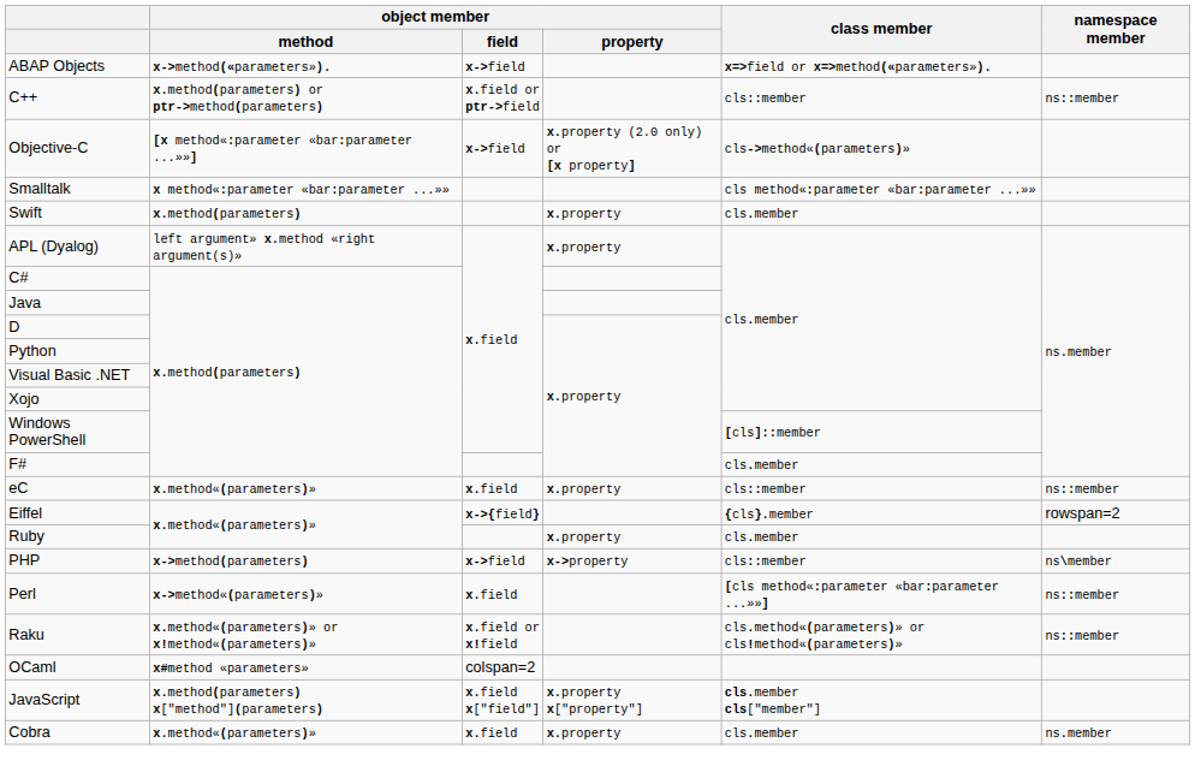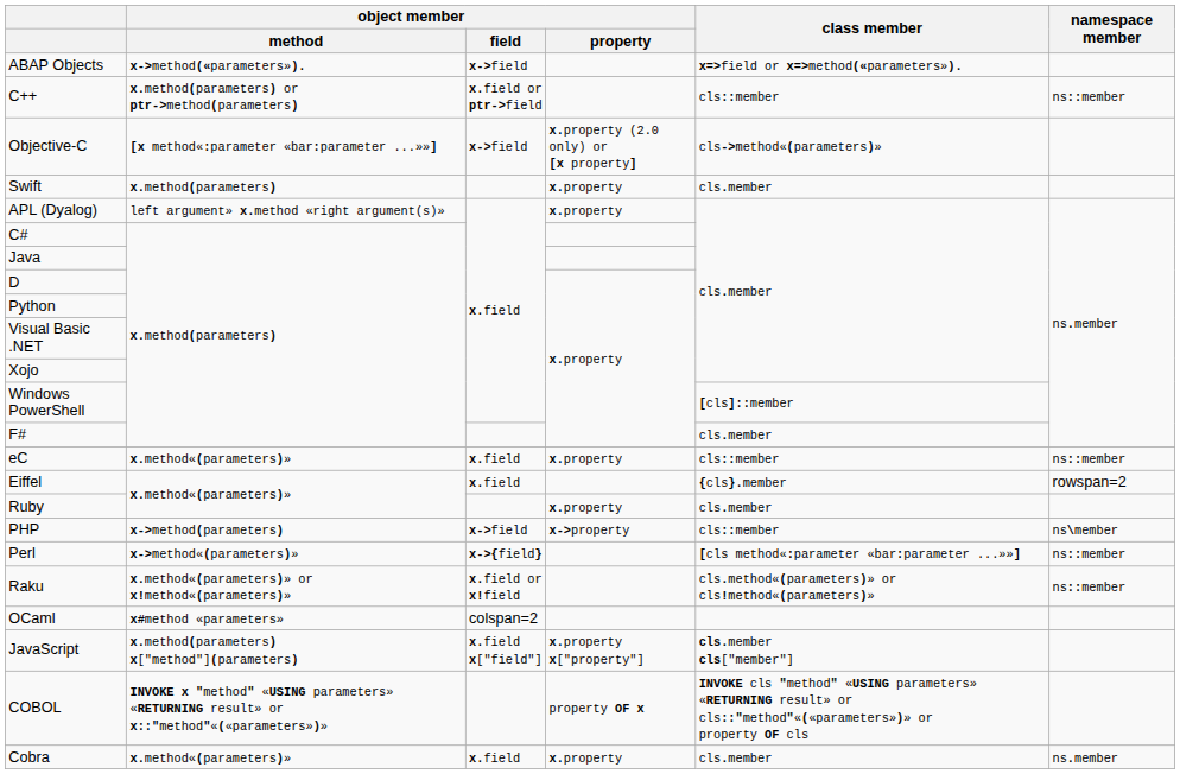 <table class="wikitable">
 <tr>
 <th></th>
 <th colspan=3>object member</th>
 <th rowspan=2>class member</th>
 <th rowspan=2>namespace member</th>
 </tr>
 <tr>
 <th></th>
 <th>method</th>
 <th>field</th>
 <th>property</th>
 </tr>
 <tr>
 <td>ABAP Objects</td>
 <td><code><strong>x-></strong>method<strong>(«</strong>parameters»<strong>).</strong></code></td>
 <td><code><strong>x-></strong>field</code></td>
 <td></td>
 <td><code><strong>x=></strong>field or <strong>x=></strong>method<strong>(«</strong>parameters»<strong>).</strong></code></td>
 <td></td>
 </tr>
 <tr>
 <td>C++</td>
 <td><code><strong>x.</strong>method<strong>(</strong>parameters<strong>)</strong> or<br><strong>ptr-></strong>method<strong>(</strong>parameters<strong>)</strong></code></td>
 <td><code><strong>x.</strong>field or<br><strong>ptr-></strong>field</code></td>
 <td></td>
 <td><code>cls<strong>::</strong>member</code></td>
 <td><code>ns<strong>::</strong>member</code></td>
 </tr>
 <tr>
 <td>Objective-C</td>
 <td><code><strong>[x </strong>method«<strong>:</strong>parameter «bar<strong>:</strong>parameter ...»»<strong>]</strong></code></td>
 <td><code><strong>x-></strong>field</code></td>
 <td><code><strong>x.</strong>property (2.0 only) or<br><strong>[x </strong>property<strong>]</strong></code></td>
 <td><code>cls<strong>-></strong>method«<strong>(</strong>parameters<strong>)</strong>»</code></td>
-<td></td>
-</tr>
-<tr>
-<td>Smalltalk</td>
-<td><code><strong>x </strong>method«<strong>:</strong>parameter «bar<strong>:</strong>parameter ...»»</code></td>
-<td></td>
-<td></td>
-<td><code>cls method«<strong>:</strong>parameter «bar<strong>:</strong>parameter ...»»</code></td>
 <td></td>
 </tr>
 <tr>
 <td>Swift</td>
 <td><code><strong>x.</strong>method<strong>(</strong>parameters<strong>)</strong></code></td>
 <td></td>
 <td><code><strong>x.</strong>property</code></td>
 <td><code>cls<strong>.</strong>member</code></td>
 <td></td>
 </tr>
 <tr>
 <td>APL (Dyalog)</td>
 <td><code>left argument» <strong>x.</strong>method «right argument(s)»</code></td>
 <td rowspan=8><code><strong>x.</strong>field</code></td>
 <td><code><strong>x.</strong>property</code></td>
 <td rowspan=7><code>cls<strong>.</strong>member</code></td>
 <td rowspan=9><code>ns<strong>.</strong>member</code></td>
 </tr>
 <tr>
 <td>C#</td>
 <td rowspan=8><code><strong>x.</strong>method<strong>(</strong>parameters<strong>)</strong></code></td>
 </tr>
 <tr>
 <td>Java</td>
 <td></td>
 </tr>
 <tr>
 <td>D</td>
 <td rowspan=6><code><strong>x.</strong>property</code></td>
 </tr>
 <tr>
 <td>Python</td>
 </tr>
 <tr>
 <td>Visual Basic .NET</td>
 </tr>
 <tr>
 <td>Xojo</td>
 </tr>
 <tr>
 <td>Windows PowerShell</td>
 <td><code><strong>[</strong>cls<strong>]::</strong>member</code></td>
 </tr>
 <tr>
 <td>F#</td>
 <td></td>
 <td><code>cls<strong>.</strong>member</code></td>
 </tr>
 <tr>
 <td>eC</td>
 <td><code><strong>x.</strong>method«<strong>(</strong>parameters<strong>)</strong>»</code></td>
 <td><code><strong>x.</strong>field</code></td>
 <td><code><strong>x.</strong>property</code></td>
 <td><code>cls<strong>::</strong>member</code></td>
 <td><code>ns<strong>::</strong>member</code></td>
 </tr>
 <tr>
 <td>Eiffel</td>
 <td rowspan=2><code><strong>x.</strong>method«<strong>(</strong>parameters<strong>)</strong>»</code></td>
-<td><code><strong>x->{</strong>field<strong>}</strong></code></td>
+<td><code><strong>x.</strong>field</code></td>
 <td></td>
 <td><code><strong>{</strong>cls<strong>}.</strong>member</code></td>
 <td>rowspan=2 </td>
 </tr>
 <tr>
 <td>Ruby</td>
 <td></td>
 <td><code><strong>x.</strong>property</code></td>
 <td><code>cls<strong>.</strong>member</code></td>
 </tr>
 <tr>
 <td>PHP</td>
 <td><code><strong>x-></strong>method<strong>(</strong>parameters<strong>)</strong></code></td>
 <td><code><strong>x-></strong>field</code></td>
 <td><code><strong>x-></strong>property</code></td>
 <td><code>cls<strong>::</strong>member</code></td>
 <td><code>ns<strong>\</strong>member</code></td>
 </tr>
 <tr>
 <td>Perl</td>
 <td><code><strong>x-></strong>method«<strong>(</strong>parameters<strong>)</strong>»</code></td>
-<td><code><strong>x.</strong>field</code></td>
+<td><code><strong>x->{</strong>field<strong>}</strong></code></td>
 <td></td>
 <td><code><strong>[</strong>cls method«<strong>:</strong>parameter «bar<strong>:</strong>parameter ...»»<strong>]</strong></code></td>
 <td><code>ns<strong>::</strong>member</code></td>
 </tr>
 <tr>
 <td>Raku</td>
 <td><code><strong>x.</strong>method«<strong>(</strong>parameters<strong>)</strong>» or<br> <strong>x!</strong>method«<strong>(</strong>parameters<strong>)</strong>»</code></td>
 <td><code><strong>x.</strong>field or<br> <strong>x!</strong>field</code></td>
 <td></td>
 <td><code>cls<strong>.</strong>method«<strong>(</strong>parameters<strong>)</strong>» or<br> cls<strong>!</strong>method«<strong>(</strong>parameters<strong>)</strong>»</code></td>
 <td><code>ns<strong>::</strong>member</code></td>
 </tr>
 <tr>
 <td>OCaml</td>
 <td><code><strong>x#</strong>method «parameters»</code></td>
 <td>colspan=2 </td>
 <td></td>
 <td></td>
 </tr>
 <tr>
 <td>JavaScript</td>
 <td><code><strong>x.</strong>method<strong>(</strong>parameters<strong>)</strong><br><strong>x</strong>["method"]<strong>(</strong>parameters<strong>)</strong></code></td>
 <td><code><strong>x.</strong>field<br><strong>x</strong>["field"]</code></td>
 <td><code><strong>x.</strong>property<br><strong>x</strong>["property"]</code></td>
 <td><code><strong>cls.</strong>member<br><strong>cls</strong>["member"]</code></td>
 <td></td>
 </tr>
 <tr>
+<td>COBOL</td>
+<td><code><strong>INVOKE x</strong> <strong>"</strong>method<strong>"</strong> «<strong>USING</strong> parameters» «<strong>RETURNING</strong> result» or<br><strong>x::"</strong>method<strong>"</strong>«<strong>(</strong>«parameters»<strong>)</strong>»</code></td>
+<td></td>
+<td><code>property <strong>OF x</strong></code></td>
+<td><code><strong>INVOKE</strong> cls <strong>"</strong>method<strong>"</strong> «<strong>USING</strong> parameters» «<strong>RETURNING</strong> result» or<br>cls<strong>::"</strong>method<strong>"</strong>«<strong>(</strong>«parameters»<strong>)</strong>» or<br>property <strong>OF</strong> cls</code></td>
+<td></td>
+</tr>
+<tr>
 <td>Cobra</td>
 <td><code><strong>x.</strong>method«<strong>(</strong>parameters<strong>)</strong>»</code></td>
 <td><code><strong>x.</strong>field</code></td>
 <td><code><strong>x.</strong>property</code></td>
 <td><code>cls<strong>.</strong>member</code></td>
 <td><code>ns<strong>.</strong>member</code></td>
 </tr>
 </table>
